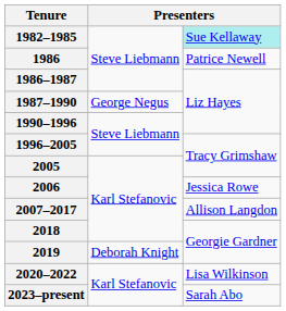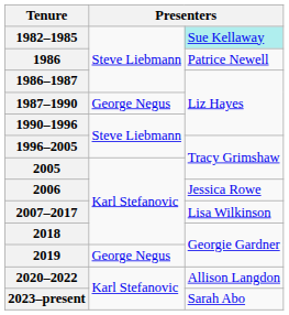 <table class="wikitable plainrowheaders">
 <tr>
 <th>Tenure</th>
 <th colspan="2" scope="col">Presenters</th>
 </tr>
 <tr>
 <th scope="row"><strong>1982–1985</strong></th>
 <td rowspan="3"><a href='#'>Steve Liebmann</a></td>
 <td style="background: paleturquoise;"><a href='#'>Sue Kellaway</a></td>
 </tr>
 <tr>
 <th scope="row"><strong>1986</strong></th>
 <td><a href='#'>Patrice Newell</a></td>
 </tr>
 <tr>
 <th scope="row"><strong>1986–1987</strong></th>
 <td rowspan="3"><a href='#'>Liz Hayes</a></td>
 </tr>
 <tr>
 <th scope="row"><strong>1987–1990</strong></th>
 <td><a href='#'>George Negus</a></td>
 </tr>
 <tr>
 <th scope="row"><strong>1990–1996</strong></th>
 <td rowspan="2"><a href='#'>Steve Liebmann</a></td>
 </tr>
 <tr>
 <th scope="row"><strong>1996–2005</strong></th>
 <td rowspan="2"><a href='#'>Tracy Grimshaw</a></td>
 </tr>
 <tr>
 <th scope="row"><strong>2005</strong></th>
 <td rowspan="4"><a href='#'>Karl Stefanovic</a></td>
 </tr>
 <tr>
 <th scope="row"><strong>2006</strong></th>
 <td><a href='#'>Jessica Rowe</a></td>
 </tr>
 <tr>
 <th scope="row"><strong>2007–2017</strong></th>
-<td><a href='#'>Allison Langdon</a></td>
+<td><a href='#'>Lisa Wilkinson</a></td>
 </tr>
 <tr>
 <th scope="row"><strong>2018</strong></th>
 <td rowspan="2"><a href='#'>Georgie Gardner</a></td>
 </tr>
 <tr>
 <th scope="row"><strong>2019</strong></th>
-<td><a href='#'>Deborah Knight</a></td>
+<td><a href='#'>George Negus</a></td>
 </tr>
 <tr>
 <th scope="row"><strong>2020–2022</strong></th>
 <td rowspan=2><a href='#'>Karl Stefanovic</a></td>
-<td><a href='#'>Lisa Wilkinson</a></td>
+<td><a href='#'>Allison Langdon</a></td>
 </tr>
 <tr>
 <th scope="row"><strong>2023–present</strong></th>
 <td><a href='#'>Sarah Abo</a></td>
 </tr>
 </table>
